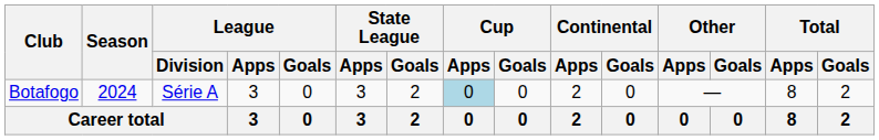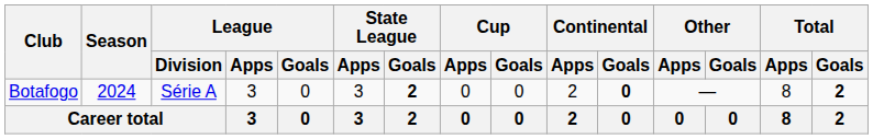 <table class="wikitable" style="text-align: center">
 <tr>
 <th rowspan="2">Club</th>
 <th rowspan="2">Season</th>
 <th colspan="3">League</th>
 <th colspan="2">State League</th>
 <th colspan="2">Cup</th>
 <th colspan="2">Continental</th>
 <th colspan="2">Other</th>
 <th colspan="2">Total</th>
 </tr>
 <tr>
 <th>Division</th>
 <th>Apps</th>
 <th>Goals</th>
 <th>Apps</th>
 <th>Goals</th>
 <th>Apps</th>
 <th>Goals</th>
 <th>Apps</th>
 <th>Goals</th>
 <th>Apps</th>
 <th>Goals</th>
 <th>Apps</th>
 <th>Goals</th>
 </tr>
 <tr>
 <td><a href='#'>Botafogo</a></td>
 <td><a href='#'>2024</a></td>
 <td><a href='#'>Série A</a></td>
 <td>3</td>
 <td>0</td>
 <td>3</td>
-<td>2</td>
-<td style="background: lightblue;">0</td>
+<td><strong>2</strong></td>
+<td>0</td>
 <td>0</td>
 <td>2</td>
-<td>0</td>
+<td><strong>0</strong></td>
 <td colspan="2">—</td>
 <td>8</td>
-<td>2</td>
+<td><strong>2</strong></td>
 </tr>
 <tr>
 <th colspan="3"><strong>Career total</strong></th>
 <th>3</th>
 <th>0</th>
 <th>3</th>
 <th>2</th>
 <th>0</th>
 <th>0</th>
 <th>2</th>
 <th>0</th>
 <th>0</th>
 <th>0</th>
 <th>8</th>
 <th>2</th>
 </tr>
 </table>
